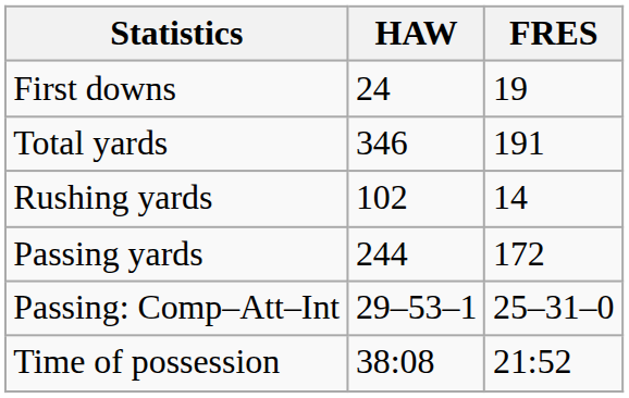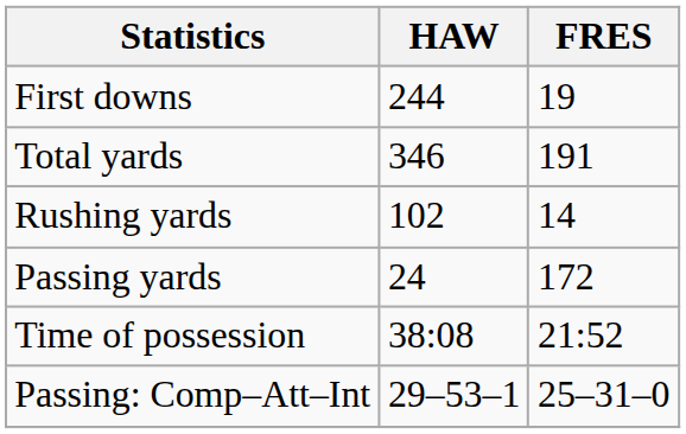 <table class="wikitable" style="float: left;">
 <tr>
 <th>Statistics</th>
 <th>HAW</th>
 <th>FRES</th>
 </tr>
 <tr>
 <td>First downs</td>
-<td>24</td>
+<td>244</td>
 <td>19</td>
 </tr>
 <tr>
 <td>Total yards</td>
 <td>346</td>
 <td>191</td>
 </tr>
 <tr>
 <td>Rushing yards</td>
 <td>102</td>
 <td>14</td>
 </tr>
 <tr>
 <td>Passing yards</td>
-<td>244</td>
+<td>24</td>
 <td>172</td>
+</tr>
+<tr>
+<td>Time of possession</td>
+<td>38:08</td>
+<td>21:52</td>
 </tr>
 <tr>
 <td>Passing: Comp–Att–Int</td>
 <td>29–53–1</td>
 <td>25–31–0</td>
 </tr>
 <tr>
-<td>Time of possession</td>
-<td>38:08</td>
-<td>21:52</td>
-</tr>
-<tr>
 </tr>
 </table>
